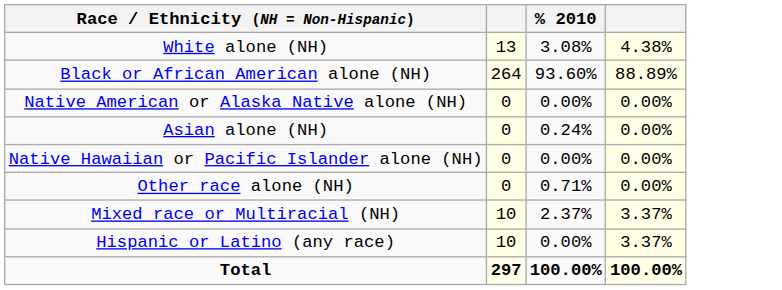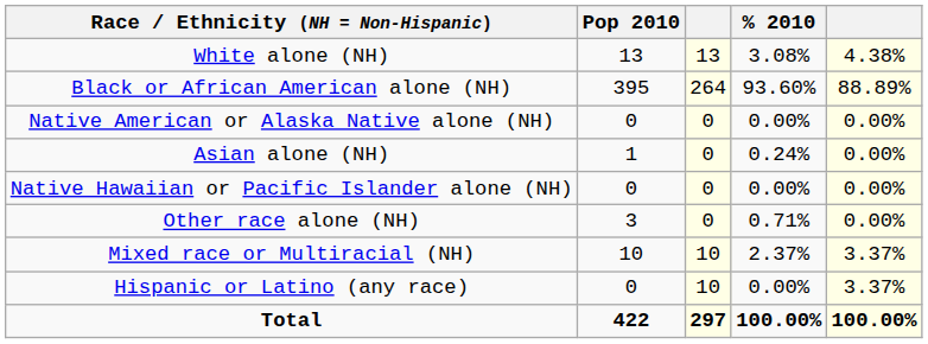 <table class="wikitable" style="text-align:center;">
 <tr>
 <th>Race / Ethnicity <small>(<em>NH = Non-Hispanic</em>)</small></th>
+<th>Pop 2010</th>
 <th></th>
 <th>% 2010</th>
 <th></th>
 </tr>
 <tr>
 <td><a href='#'>White</a> alone (NH)</td>
+<td>13</td>
 <td style='background: #ffffe6;'>13</td>
 <td>3.08%</td>
 <td style='background: #ffffe6;'>4.38%</td>
 </tr>
 <tr>
 <td><a href='#'>Black or African American</a> alone (NH)</td>
+<td>395</td>
 <td style='background: #ffffe6;'>264</td>
 <td>93.60%</td>
 <td style='background: #ffffe6;'>88.89%</td>
 </tr>
 <tr>
 <td><a href='#'>Native American</a> or <a href='#'>Alaska Native</a> alone (NH)</td>
+<td>0</td>
 <td style='background: #ffffe6;'>0</td>
 <td>0.00%</td>
 <td style='background: #ffffe6;'>0.00%</td>
 </tr>
 <tr>
 <td><a href='#'>Asian</a> alone (NH)</td>
+<td>1</td>
 <td style='background: #ffffe6;'>0</td>
 <td>0.24%</td>
 <td style='background: #ffffe6;'>0.00%</td>
 </tr>
 <tr>
 <td><a href='#'>Native Hawaiian</a> or <a href='#'>Pacific Islander</a> alone (NH)</td>
+<td>0</td>
 <td style='background: #ffffe6;'>0</td>
 <td>0.00%</td>
 <td style='background: #ffffe6;'>0.00%</td>
 </tr>
 <tr>
 <td><a href='#'>Other race</a> alone (NH)</td>
+<td>3</td>
 <td style='background: #ffffe6;'>0</td>
 <td>0.71%</td>
 <td style='background: #ffffe6;'>0.00%</td>
 </tr>
 <tr>
 <td><a href='#'>Mixed race or Multiracial</a> (NH)</td>
+<td>10</td>
 <td style='background: #ffffe6;'>10</td>
 <td>2.37%</td>
 <td style='background: #ffffe6;'>3.37%</td>
 </tr>
 <tr>
 <td><a href='#'>Hispanic or Latino</a> (any race)</td>
+<td>0</td>
 <td style='background: #ffffe6;'>10</td>
 <td>0.00%</td>
 <td style='background: #ffffe6;'>3.37%</td>
 </tr>
 <tr>
 <td><strong>Total</strong></td>
+<td><strong>422</strong></td>
 <td style='background: #ffffe6;'><strong>297</strong></td>
 <td><strong>100.00%</strong></td>
 <td style='background: #ffffe6;'><strong>100.00%</strong></td>
 </tr>
 </table>
